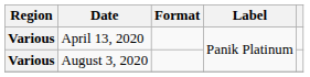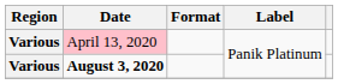 <table class="wikitable plainrowheaders">
 <tr>
 <th scope="row">Region</th>
 <th scope="row">Date</th>
 <th scope="row">Format</th>
 <th scope="row">Label</th>
 <th scope="row"></th>
 </tr>
 <tr>
 <th scope="row">Various</th>
-<td>April 13, 2020</td>
+<td style="background: pink;">April 13, 2020</td>
 <td></td>
 <td rowspan="2">Panik Platinum</td>
 <td></td>
 </tr>
 <tr>
 <th scope="row">Various</th>
-<td>August 3, 2020</td>
+<td><strong>August 3, 2020</strong></td>
 <td></td>
 <td></td>
 </tr>
 <tr>
 </tr>
 </table>
